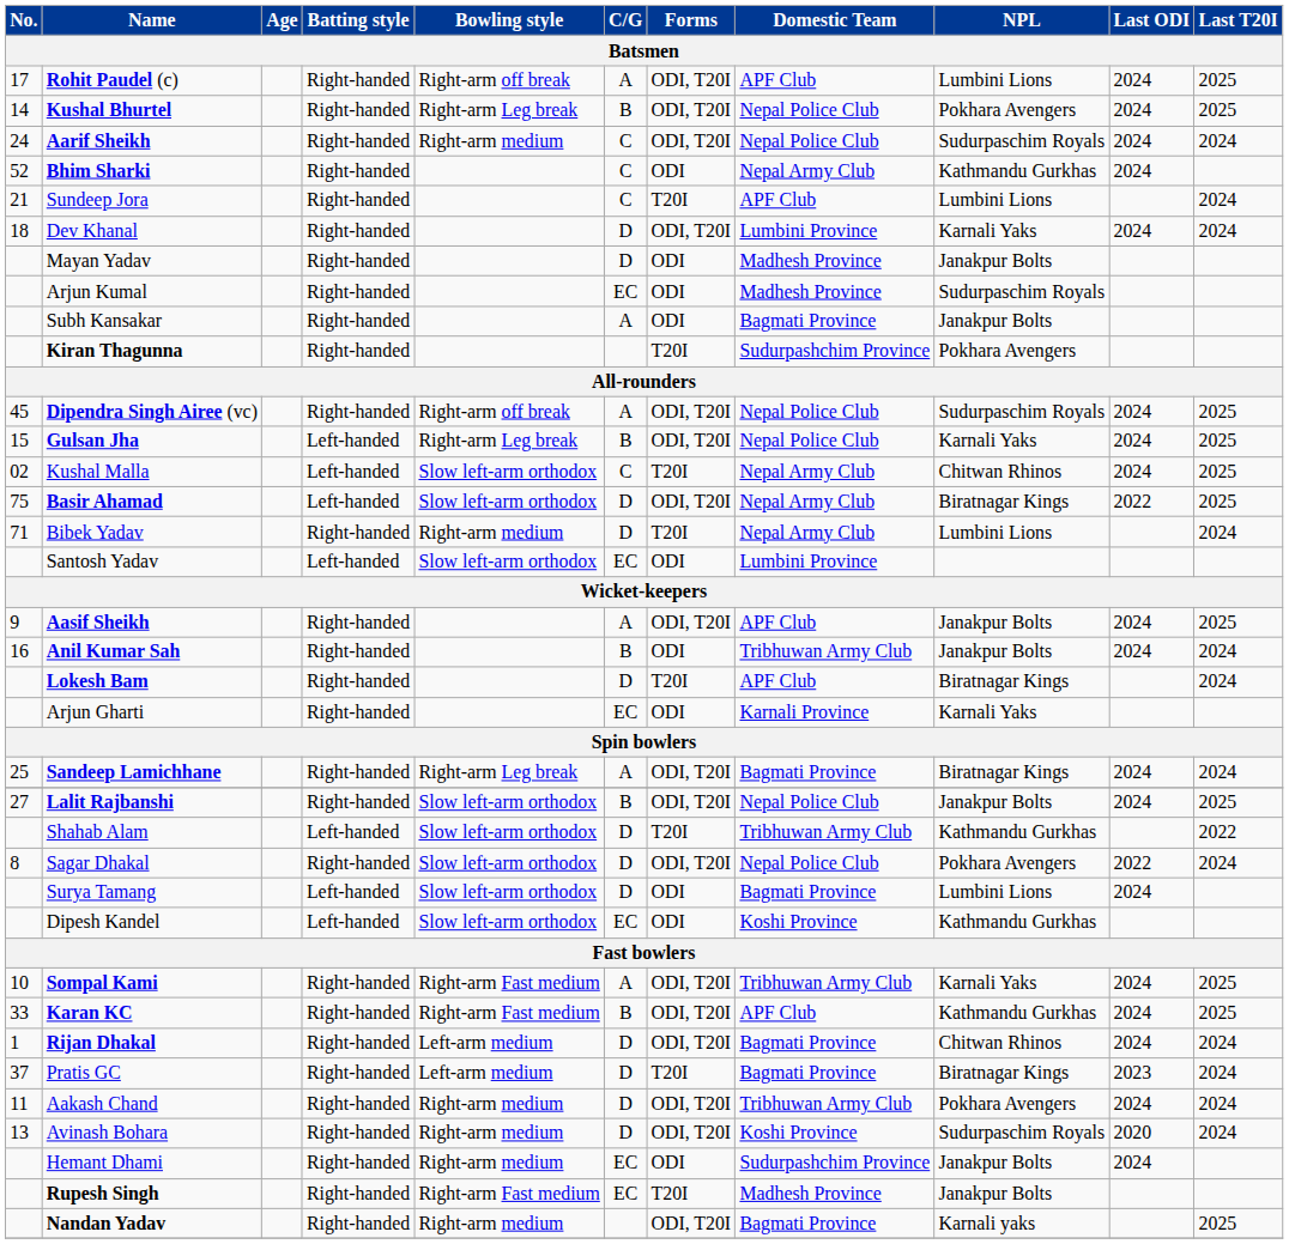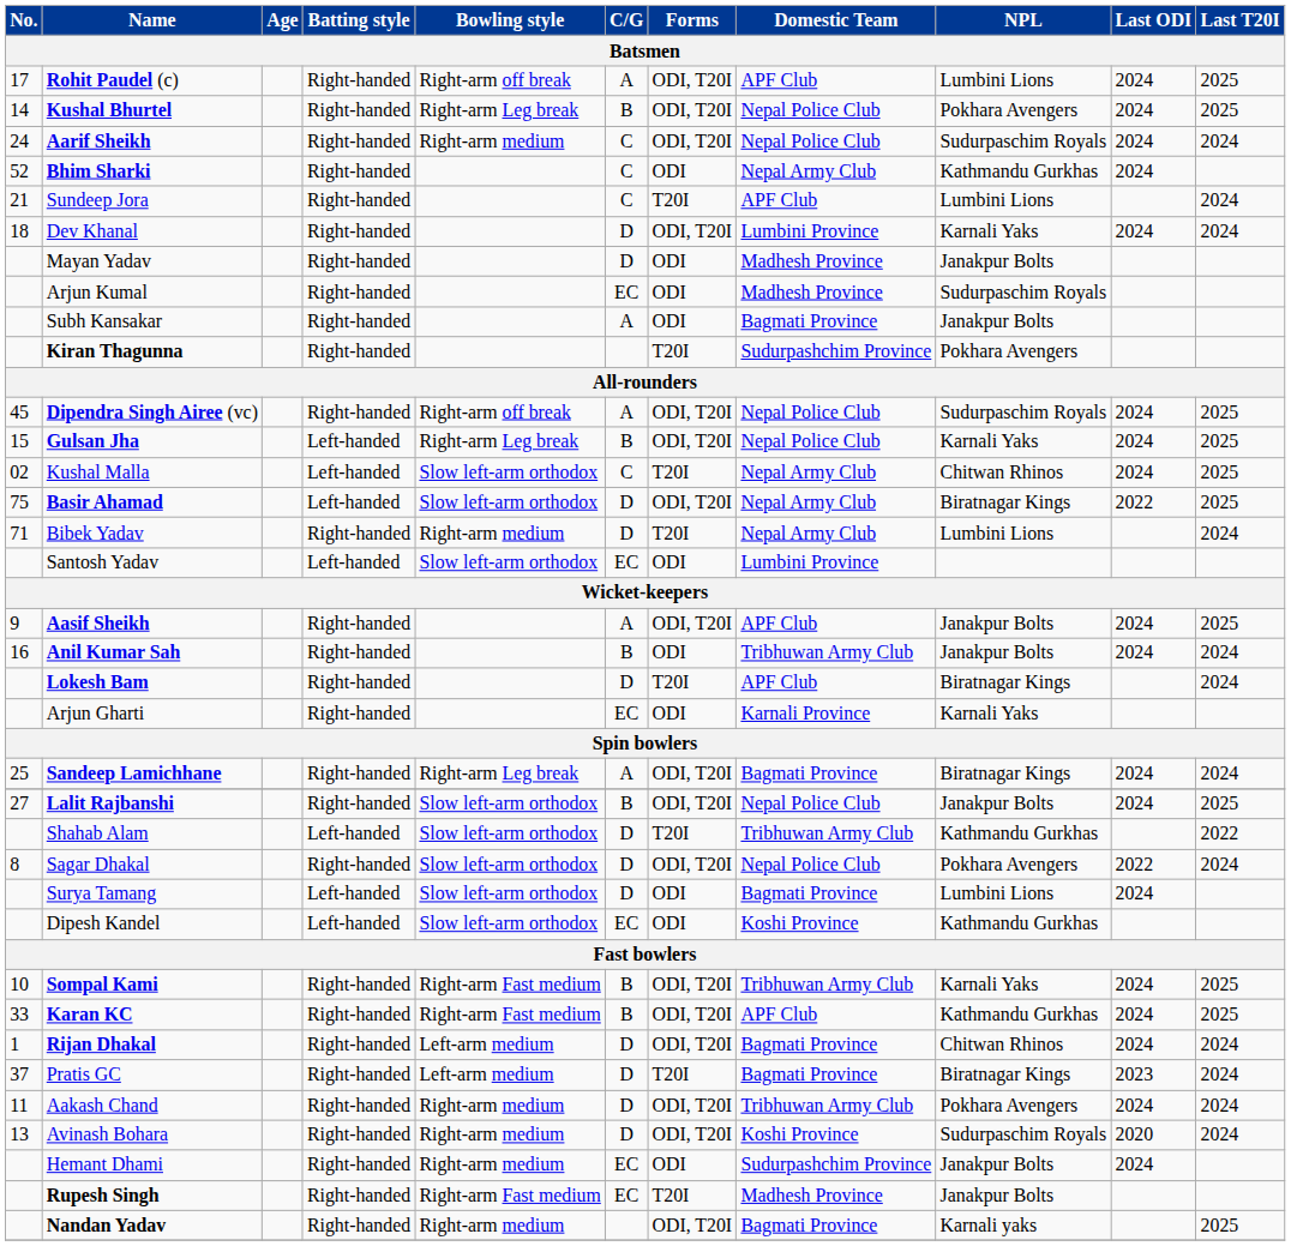 <table class="wikitable">
 <tr>
 <th style="text-align:center; background:#003893; color:white;">No.</th>
 <th style="text-align:center; background:#003893; color:white;">Name</th>
 <th style="text-align:center; background:#003893; color:white;">Age</th>
 <th style="text-align:center; background:#003893; color:white;">Batting style</th>
 <th style="text-align:center; background:#003893; color:white;">Bowling style</th>
 <th style="text-align:center; background:#003893; color:white;">C/G</th>
 <th style="text-align:center; background:#003893; color:white;">Forms</th>
 <th style="text-align:center; background:#003893; color:white;">Domestic Team</th>
 <th style="text-align:center; background:#003893; color:white;">NPL</th>
 <th style="text-align:center; background:#003893; color:white;">Last ODI</th>
 <th style="text-align:center; background:#003893; color:white;">Last T20I</th>
 </tr>
 <tr>
 <th colspan="11"style="text-align:center;">Batsmen</th>
 </tr>
 <tr>
 <td>17</td>
 <td><strong><a href='#'>Rohit Paudel</a></strong> (c)</td>
 <td></td>
 <td>Right-handed</td>
 <td>Right-arm <a href='#'>off break</a></td>
 <td style="text-align:center;">A</td>
 <td>ODI, T20I</td>
 <td><a href='#'>APF Club</a></td>
 <td>Lumbini  Lions</td>
 <td> 2024</td>
 <td> 2025</td>
 </tr>
 <tr>
 <td>14</td>
 <td><strong><a href='#'>Kushal Bhurtel</a></strong></td>
 <td></td>
 <td>Right-handed</td>
 <td>Right-arm <a href='#'>Leg break</a></td>
 <td style="text-align:center;">B</td>
 <td>ODI, T20I</td>
 <td><a href='#'>Nepal Police Club</a></td>
 <td>Pokhara Avengers</td>
 <td> 2024</td>
 <td> 2025</td>
 </tr>
 <tr>
 <td>24</td>
 <td><strong><a href='#'>Aarif Sheikh</a></strong></td>
 <td></td>
 <td>Right-handed</td>
 <td>Right-arm <a href='#'>medium</a></td>
 <td style="text-align:center;">C</td>
 <td>ODI, T20I</td>
 <td><a href='#'>Nepal Police Club</a></td>
 <td>Sudurpaschim Royals</td>
 <td> 2024</td>
 <td> 2024</td>
 </tr>
 <tr>
 <td>52</td>
 <td><strong><a href='#'>Bhim Sharki</a></strong></td>
 <td></td>
 <td>Right-handed</td>
 <td></td>
 <td style="text-align:center;">C</td>
 <td>ODI</td>
 <td><a href='#'>Nepal Army Club</a></td>
 <td>Kathmandu Gurkhas</td>
 <td> 2024</td>
 <td></td>
 </tr>
 <tr>
 <td>21</td>
 <td><a href='#'>Sundeep Jora</a></td>
 <td></td>
 <td>Right-handed</td>
 <td></td>
 <td style="text-align:center;">C</td>
 <td>T20I</td>
 <td><a href='#'>APF Club</a></td>
 <td>Lumbini Lions</td>
 <td></td>
 <td> 2024</td>
 </tr>
 <tr>
 <td>18</td>
 <td><a href='#'>Dev Khanal</a></td>
 <td></td>
 <td>Right-handed</td>
 <td></td>
 <td style="text-align:center;">D</td>
 <td>ODI, T20I</td>
 <td><a href='#'>Lumbini Province</a></td>
 <td>Karnali Yaks</td>
 <td> 2024</td>
 <td> 2024</td>
 </tr>
 <tr>
 <td></td>
 <td>Mayan Yadav</td>
 <td></td>
 <td>Right-handed</td>
 <td></td>
 <td style="text-align:center;">D</td>
 <td>ODI</td>
 <td><a href='#'>Madhesh Province</a></td>
 <td>Janakpur Bolts</td>
 <td></td>
 <td></td>
 </tr>
 <tr>
 <td></td>
 <td>Arjun Kumal</td>
 <td></td>
 <td>Right-handed</td>
 <td></td>
 <td style="text-align:center;">EC</td>
 <td>ODI</td>
 <td><a href='#'>Madhesh Province</a></td>
 <td>Sudurpaschim Royals</td>
 <td></td>
 <td></td>
 </tr>
 <tr>
 <td></td>
 <td>Subh Kansakar</td>
 <td></td>
 <td>Right-handed</td>
 <td></td>
 <td style="text-align:center;">A</td>
 <td>ODI</td>
 <td><a href='#'>Bagmati Province</a></td>
 <td>Janakpur Bolts</td>
 <td></td>
 <td></td>
 </tr>
 <tr>
 <td></td>
 <td><strong>Kiran Thagunna</strong></td>
 <td></td>
 <td>Right-handed</td>
 <td></td>
 <td></td>
 <td>T20I</td>
 <td><a href='#'>Sudurpashchim Province</a></td>
 <td>Pokhara Avengers</td>
 <td></td>
 <td></td>
 </tr>
 <tr>
 <th colspan="11"style="text-align:center">All-rounders</th>
 </tr>
 <tr>
 <td>45</td>
 <td><strong><a href='#'>Dipendra Singh Airee</a></strong> (vc)</td>
 <td></td>
 <td>Right-handed</td>
 <td>Right-arm <a href='#'>off break</a></td>
 <td style="text-align:center;">A</td>
 <td>ODI, T20I</td>
 <td><a href='#'>Nepal Police Club</a></td>
 <td>Sudurpaschim Royals</td>
 <td> 2024</td>
 <td> 2025</td>
 </tr>
 <tr>
 <td>15</td>
 <td><strong><a href='#'>Gulsan Jha</a></strong></td>
 <td></td>
 <td>Left-handed</td>
 <td>Right-arm <a href='#'>Leg break</a></td>
 <td style="text-align:center;">B</td>
 <td>ODI, T20I</td>
 <td><a href='#'>Nepal Police Club</a></td>
 <td>Karnali Yaks</td>
 <td> 2024</td>
 <td> 2025</td>
 </tr>
 <tr>
 <td>02</td>
 <td><a href='#'>Kushal Malla</a></td>
 <td></td>
 <td>Left-handed</td>
 <td><a href='#'>Slow left-arm orthodox</a></td>
 <td style="text-align:center;">C</td>
 <td>T20I</td>
 <td><a href='#'>Nepal Army Club</a></td>
 <td>Chitwan Rhinos</td>
 <td> 2024</td>
 <td> 2025</td>
 </tr>
 <tr>
 <td>75</td>
 <td><strong><a href='#'>Basir Ahamad</a></strong></td>
 <td></td>
 <td>Left-handed</td>
 <td><a href='#'>Slow left-arm orthodox</a></td>
 <td style="text-align:center;">D</td>
 <td>ODI, T20I</td>
 <td><a href='#'>Nepal Army Club</a></td>
 <td>Biratnagar Kings</td>
 <td> 2022</td>
 <td> 2025</td>
 </tr>
 <tr>
 <td>71</td>
 <td><a href='#'>Bibek Yadav</a></td>
 <td></td>
 <td>Right-handed</td>
 <td>Right-arm <a href='#'>medium</a></td>
 <td style="text-align:center;">D</td>
 <td>T20I</td>
 <td><a href='#'>Nepal Army Club</a></td>
 <td>Lumbini Lions</td>
 <td></td>
 <td> 2024</td>
 </tr>
 <tr>
 <td></td>
 <td>Santosh Yadav</td>
 <td></td>
 <td>Left-handed</td>
 <td><a href='#'>Slow left-arm orthodox</a></td>
 <td style="text-align:center;">EC</td>
 <td>ODI</td>
 <td><a href='#'>Lumbini Province</a></td>
 <td></td>
 <td></td>
 <td></td>
 </tr>
 <tr>
 <th ! colspan="11"style="text-align:center;">Wicket-keepers</th>
 </tr>
 <tr>
 <td>9</td>
 <td><strong><a href='#'>Aasif Sheikh</a></strong></td>
 <td></td>
 <td>Right-handed</td>
 <td></td>
 <td style="text-align:center;">A</td>
 <td>ODI, T20I</td>
 <td><a href='#'>APF Club</a></td>
 <td>Janakpur Bolts</td>
 <td> 2024</td>
 <td> 2025</td>
 </tr>
 <tr>
 <td>16</td>
 <td><strong><a href='#'>Anil Kumar Sah</a></strong></td>
 <td></td>
 <td>Right-handed</td>
 <td></td>
 <td style="text-align:center;">B</td>
 <td>ODI</td>
 <td><a href='#'>Tribhuwan Army Club</a></td>
 <td>Janakpur Bolts</td>
 <td> 2024</td>
 <td> 2024</td>
 </tr>
 <tr>
 <td></td>
 <td><strong><a href='#'>Lokesh Bam</a></strong></td>
 <td></td>
 <td>Right-handed</td>
 <td></td>
 <td style="text-align:center;">D</td>
 <td>T20I</td>
 <td><a href='#'>APF Club</a></td>
 <td>Biratnagar Kings</td>
 <td></td>
 <td> 2024</td>
 </tr>
 <tr>
 <td></td>
 <td>Arjun Gharti</td>
 <td></td>
 <td>Right-handed</td>
 <td></td>
 <td style="text-align:center;">EC</td>
 <td>ODI</td>
 <td><a href='#'>Karnali Province</a></td>
 <td>Karnali Yaks</td>
 <td></td>
 <td></td>
 </tr>
 <tr>
 <th colspan="11"style="text-align:center;">Spin bowlers</th>
 </tr>
 <tr>
 <td>25</td>
 <td><strong><a href='#'>Sandeep Lamichhane</a></strong></td>
 <td></td>
 <td>Right-handed</td>
 <td>Right-arm <a href='#'>Leg break</a></td>
 <td style="text-align:center;">A</td>
 <td>ODI, T20I</td>
 <td><a href='#'>Bagmati Province</a></td>
 <td>Biratnagar Kings</td>
 <td> 2024</td>
 <td> 2024</td>
 </tr>
 <tr>
 </tr>
 <tr>
 <td>27</td>
 <td><strong><a href='#'>Lalit Rajbanshi</a></strong></td>
 <td></td>
 <td>Right-handed</td>
 <td><a href='#'>Slow left-arm orthodox</a></td>
 <td style="text-align:center;">B</td>
 <td>ODI, T20I</td>
 <td><a href='#'>Nepal Police Club</a></td>
 <td>Janakpur Bolts</td>
 <td> 2024</td>
 <td> 2025</td>
 </tr>
 <tr>
 <td></td>
 <td><a href='#'>Shahab Alam</a></td>
 <td></td>
 <td>Left-handed</td>
 <td><a href='#'>Slow left-arm orthodox</a></td>
 <td style="text-align:center;">D</td>
 <td>T20I</td>
 <td><a href='#'>Tribhuwan Army Club</a></td>
 <td>Kathmandu Gurkhas</td>
 <td></td>
 <td> 2022</td>
 </tr>
 <tr>
 <td>8</td>
 <td><a href='#'>Sagar Dhakal</a></td>
 <td></td>
 <td>Right-handed</td>
 <td><a href='#'>Slow left-arm orthodox</a></td>
 <td style="text-align:center;">D</td>
 <td>ODI, T20I</td>
 <td><a href='#'>Nepal Police Club</a></td>
 <td>Pokhara Avengers</td>
 <td> 2022</td>
 <td> 2024</td>
 </tr>
 <tr>
 <td></td>
 <td><a href='#'>Surya Tamang</a></td>
 <td></td>
 <td>Left-handed</td>
 <td><a href='#'>Slow left-arm orthodox</a></td>
 <td style="text-align:center;">D</td>
 <td>ODI</td>
 <td><a href='#'>Bagmati Province</a></td>
 <td>Lumbini Lions</td>
 <td> 2024</td>
 <td></td>
 </tr>
 <tr>
 <td></td>
 <td>Dipesh Kandel</td>
 <td></td>
 <td>Left-handed</td>
 <td><a href='#'>Slow left-arm orthodox</a></td>
 <td style="text-align:center;">EC</td>
 <td>ODI</td>
 <td><a href='#'>Koshi Province</a></td>
 <td>Kathmandu Gurkhas</td>
 <td></td>
 <td></td>
 </tr>
 <tr>
 <th colspan="11"style="text-align:center;">Fast bowlers</th>
 </tr>
 <tr>
 <td>10</td>
 <td><strong><a href='#'>Sompal Kami</a></strong></td>
 <td></td>
 <td>Right-handed</td>
 <td>Right-arm <a href='#'>Fast medium</a></td>
-<td style="text-align:center;">A</td>
+<td style="text-align:center;">B</td>
 <td>ODI, T20I</td>
 <td><a href='#'>Tribhuwan Army Club</a></td>
 <td>Karnali  Yaks</td>
 <td> 2024</td>
 <td> 2025</td>
 </tr>
 <tr>
 <td>33</td>
 <td><strong><a href='#'>Karan KC</a></strong></td>
 <td></td>
 <td>Right-handed</td>
 <td>Right-arm <a href='#'>Fast medium</a></td>
 <td style="text-align:center;">B</td>
 <td>ODI, T20I</td>
 <td><a href='#'>APF Club</a></td>
 <td>Kathmandu Gurkhas</td>
 <td> 2024</td>
 <td> 2025</td>
 </tr>
 <tr>
 <td>1</td>
 <td><strong><a href='#'>Rijan Dhakal</a></strong></td>
 <td></td>
 <td>Right-handed</td>
 <td>Left-arm <a href='#'>medium</a></td>
 <td style="text-align:center;">D</td>
 <td>ODI, T20I</td>
 <td><a href='#'>Bagmati Province</a></td>
 <td>Chitwan Rhinos</td>
 <td>2024</td>
 <td>2024</td>
 </tr>
 <tr>
 <td>37</td>
 <td><a href='#'>Pratis GC</a></td>
 <td></td>
 <td>Right-handed</td>
 <td>Left-arm <a href='#'>medium</a></td>
 <td style="text-align:center;">D</td>
 <td>T20I</td>
 <td><a href='#'>Bagmati Province</a></td>
 <td>Biratnagar Kings</td>
 <td> 2023</td>
 <td> 2024</td>
 </tr>
 <tr>
 <td>11</td>
 <td><a href='#'>Aakash Chand</a></td>
 <td></td>
 <td>Right-handed</td>
 <td>Right-arm <a href='#'>medium</a></td>
 <td style="text-align:center;">D</td>
 <td>ODI, T20I</td>
 <td><a href='#'>Tribhuwan Army Club</a></td>
 <td>Pokhara Avengers</td>
 <td>2024</td>
 <td>2024</td>
 </tr>
 <tr>
 <td>13</td>
 <td><a href='#'>Avinash Bohara</a></td>
 <td></td>
 <td>Right-handed</td>
 <td>Right-arm <a href='#'>medium</a></td>
 <td style="text-align:center;">D</td>
 <td>ODI, T20I</td>
 <td><a href='#'>Koshi Province</a></td>
 <td>Sudurpaschim Royals</td>
 <td> 2020</td>
 <td> 2024</td>
 </tr>
 <tr>
 <td></td>
 <td><a href='#'>Hemant Dhami</a></td>
 <td></td>
 <td>Right-handed</td>
 <td>Right-arm <a href='#'>medium</a></td>
 <td style="text-align:center;">EC</td>
 <td>ODI</td>
 <td><a href='#'>Sudurpashchim Province</a></td>
 <td>Janakpur Bolts</td>
 <td>2024</td>
 <td></td>
 </tr>
 <tr>
 <td></td>
 <td><strong>Rupesh Singh</strong></td>
 <td></td>
 <td>Right-handed</td>
 <td>Right-arm <a href='#'>Fast medium</a></td>
 <td style="text-align:center;">EC</td>
 <td>T20I</td>
 <td><a href='#'>Madhesh Province</a></td>
 <td>Janakpur Bolts</td>
 <td></td>
 <td></td>
 </tr>
 <tr>
 <td></td>
 <td><strong>Nandan Yadav</strong></td>
 <td></td>
 <td>Right-handed</td>
 <td>Right-arm <a href='#'>medium</a></td>
 <td></td>
 <td>ODI, T20I</td>
 <td><a href='#'>Bagmati Province</a></td>
 <td>Karnali yaks</td>
 <td></td>
 <td> 2025</td>
 </tr>
 <tr>
 </tr>
 </table>
